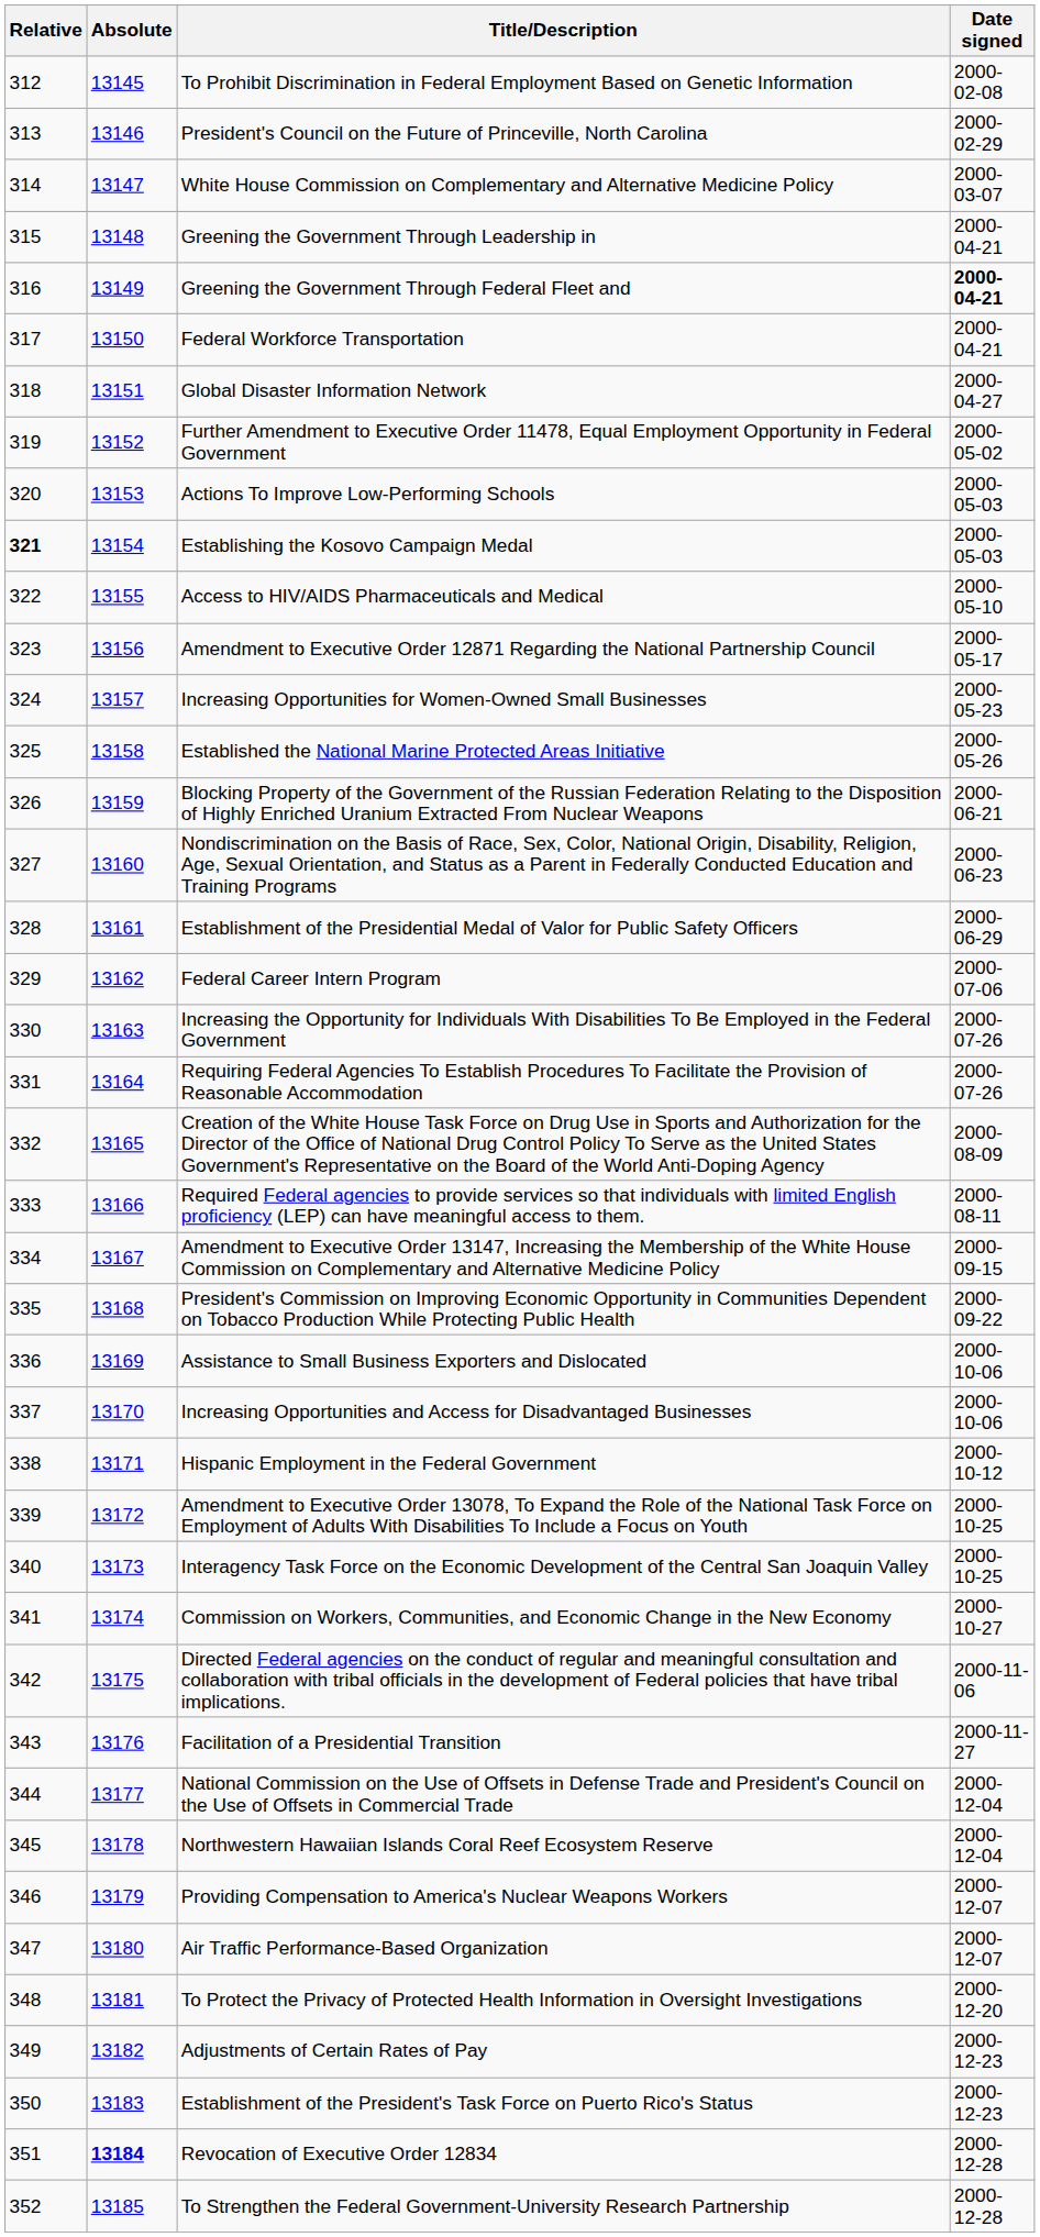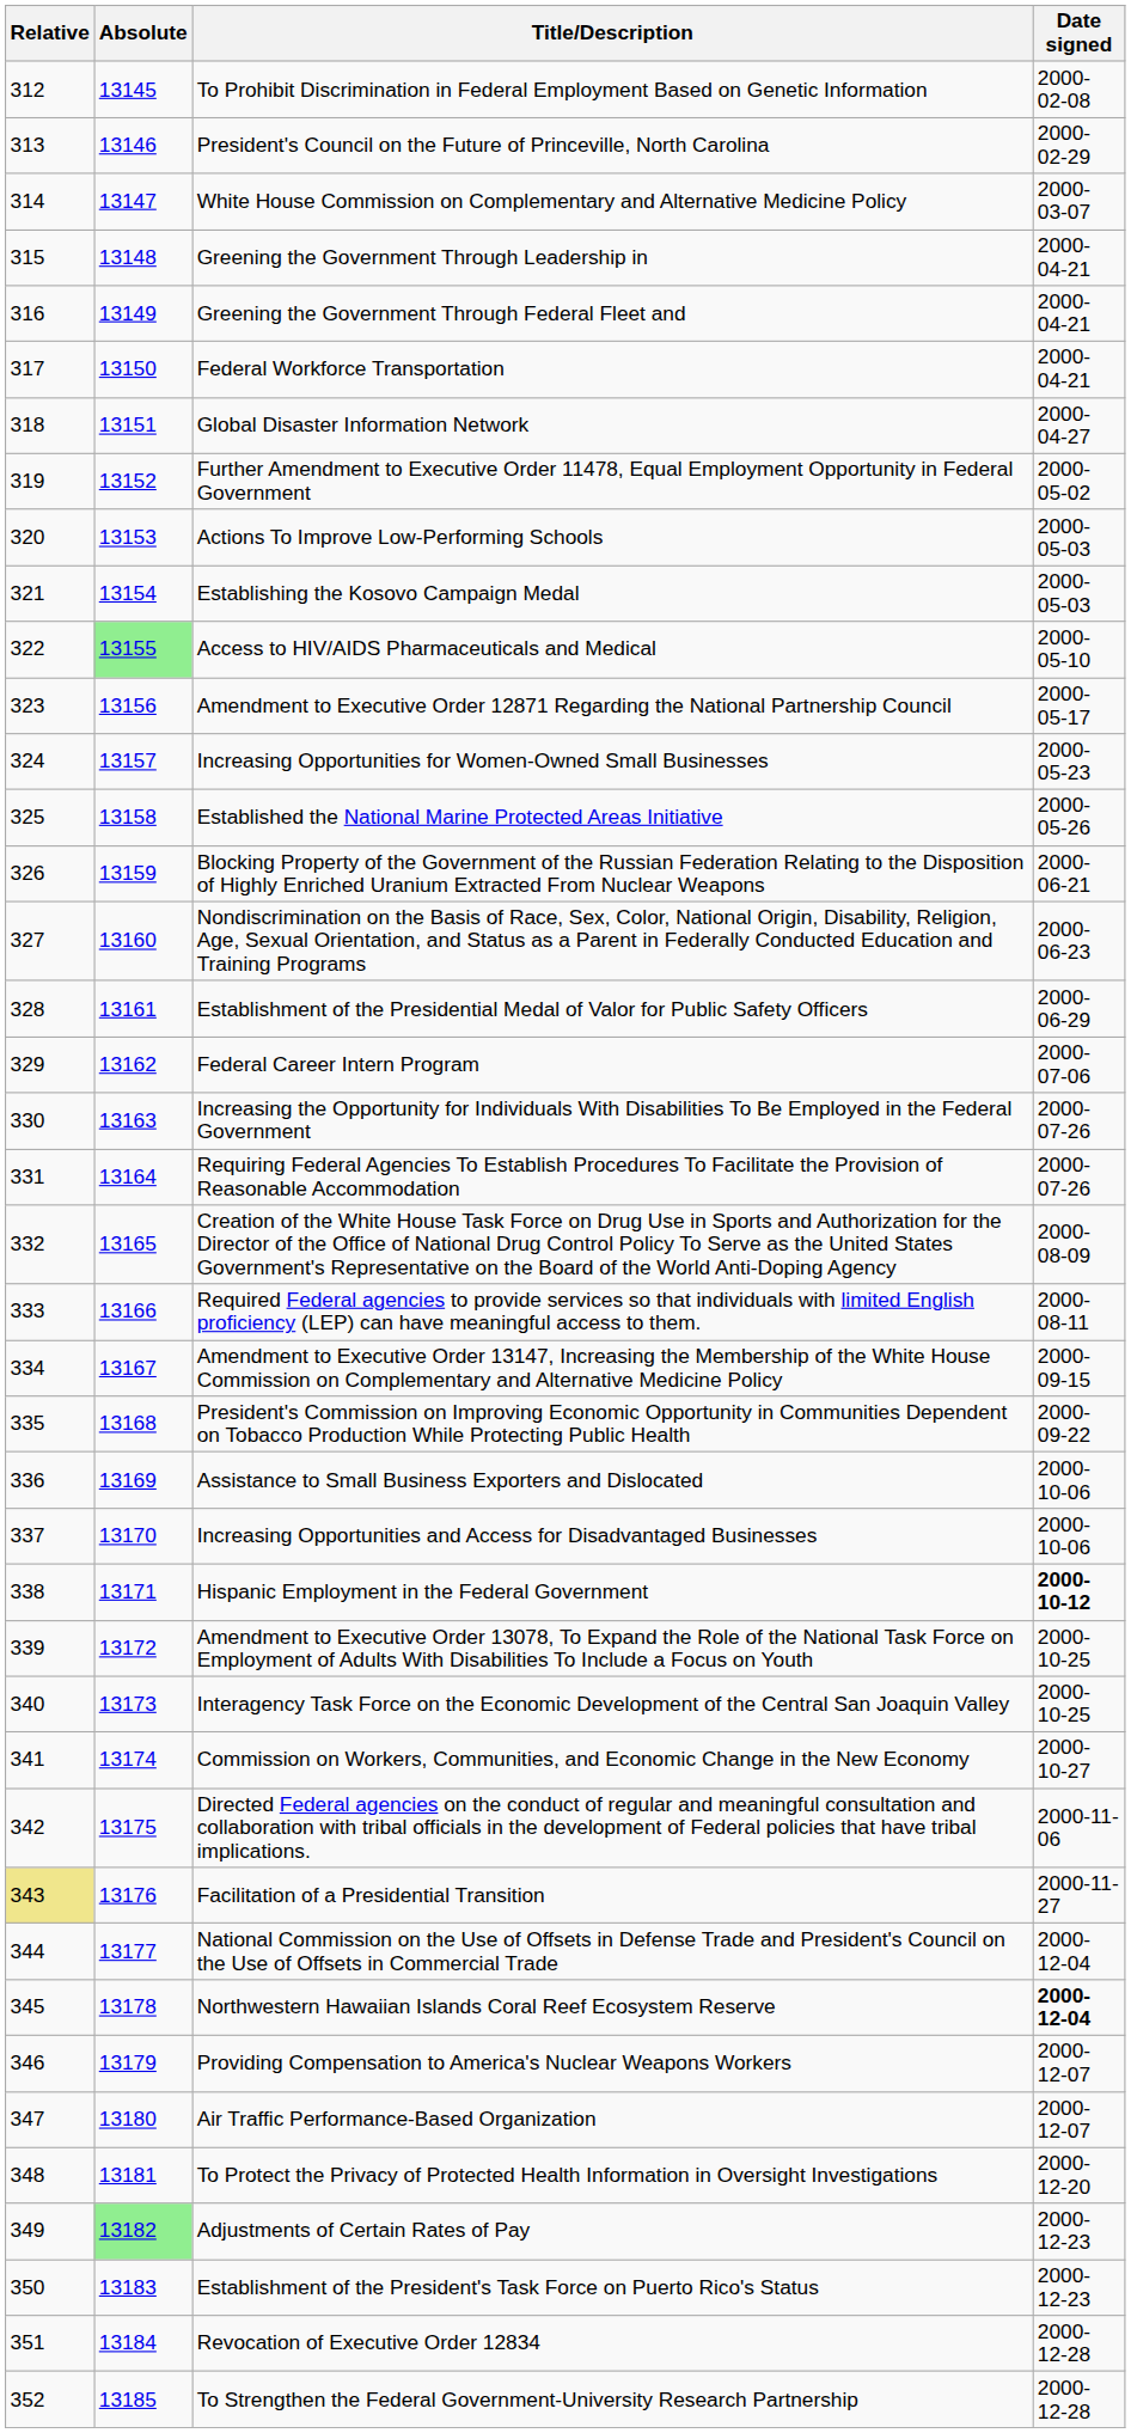 <table class="wikitable">
 <tr>
 <th>Relative </th>
 <th>Absolute </th>
 <th>Title/Description</th>
 <th>Date signed</th>
 </tr>
 <tr>
 <td>312</td>
 <td><a href='#'>13145</a></td>
 <td>To Prohibit Discrimination in Federal Employment Based on Genetic Information</td>
 <td>2000-02-08</td>
 </tr>
 <tr>
 <td>313</td>
 <td><a href='#'>13146</a></td>
 <td>President's Council on the Future of Princeville, North Carolina</td>
 <td>2000-02-29</td>
 </tr>
 <tr>
 <td>314</td>
 <td><a href='#'>13147</a></td>
 <td>White House Commission on Complementary and Alternative Medicine Policy</td>
 <td>2000-03-07</td>
 </tr>
 <tr>
 <td>315</td>
 <td><a href='#'>13148</a></td>
 <td>Greening the Government Through Leadership in</td>
 <td>2000-04-21</td>
 </tr>
 <tr>
 <td>316</td>
 <td><a href='#'>13149</a></td>
 <td>Greening the Government Through Federal Fleet and</td>
-<td><strong>2000-04-21</strong></td>
+<td>2000-04-21</td>
 </tr>
 <tr>
 <td>317</td>
 <td><a href='#'>13150</a></td>
 <td>Federal Workforce Transportation</td>
 <td>2000-04-21</td>
 </tr>
 <tr>
 <td>318</td>
 <td><a href='#'>13151</a></td>
 <td>Global Disaster Information Network</td>
 <td>2000-04-27</td>
 </tr>
 <tr>
 <td>319</td>
 <td><a href='#'>13152</a></td>
 <td>Further Amendment to Executive Order 11478, Equal Employment Opportunity in Federal Government</td>
 <td>2000-05-02</td>
 </tr>
 <tr>
 <td>320</td>
 <td><a href='#'>13153</a></td>
 <td>Actions To Improve Low-Performing Schools</td>
 <td>2000-05-03</td>
 </tr>
 <tr>
-<td><strong>321</strong></td>
+<td>321</td>
 <td><a href='#'>13154</a></td>
 <td>Establishing the Kosovo Campaign Medal</td>
 <td>2000-05-03</td>
 </tr>
 <tr>
 <td>322</td>
-<td><a href='#'>13155</a></td>
+<td style="background: lightgreen;"><a href='#'>13155</a></td>
 <td>Access to HIV/AIDS Pharmaceuticals and Medical</td>
 <td>2000-05-10</td>
 </tr>
 <tr>
 <td>323</td>
 <td><a href='#'>13156</a></td>
 <td>Amendment to Executive Order 12871 Regarding the National Partnership Council</td>
 <td>2000-05-17</td>
 </tr>
 <tr>
 <td>324</td>
 <td><a href='#'>13157</a></td>
 <td>Increasing Opportunities for Women-Owned Small Businesses</td>
 <td>2000-05-23</td>
 </tr>
 <tr>
 <td>325</td>
 <td><a href='#'>13158</a></td>
 <td>Established the <a href='#'>National Marine Protected Areas Initiative</a></td>
 <td>2000-05-26</td>
 </tr>
 <tr>
 <td>326</td>
 <td><a href='#'>13159</a></td>
 <td>Blocking Property of the Government of the Russian Federation Relating to the Disposition of Highly Enriched Uranium Extracted From Nuclear Weapons</td>
 <td>2000-06-21</td>
 </tr>
 <tr>
 <td>327</td>
 <td><a href='#'>13160</a></td>
 <td>Nondiscrimination on the Basis of Race, Sex, Color, National Origin, Disability, Religion, Age, Sexual Orientation, and Status as a Parent in Federally Conducted Education and Training Programs</td>
 <td>2000-06-23</td>
 </tr>
 <tr>
 <td>328</td>
 <td><a href='#'>13161</a></td>
 <td>Establishment of the Presidential Medal of Valor for Public Safety Officers</td>
 <td>2000-06-29</td>
 </tr>
 <tr>
 <td>329</td>
 <td><a href='#'>13162</a></td>
 <td>Federal Career Intern Program</td>
 <td>2000-07-06</td>
 </tr>
 <tr>
 <td>330</td>
 <td><a href='#'>13163</a></td>
 <td>Increasing the Opportunity for Individuals With Disabilities To Be Employed in the Federal Government</td>
 <td>2000-07-26</td>
 </tr>
 <tr>
 <td>331</td>
 <td><a href='#'>13164</a></td>
 <td>Requiring Federal Agencies To Establish Procedures To Facilitate the Provision of Reasonable Accommodation</td>
 <td>2000-07-26</td>
 </tr>
 <tr>
 <td>332</td>
 <td><a href='#'>13165</a></td>
 <td>Creation of the White House Task Force on Drug Use in Sports and Authorization for the Director of the Office of National Drug Control Policy To Serve as the United States Government's Representative on the Board of the World Anti-Doping Agency</td>
 <td>2000-08-09</td>
 </tr>
 <tr>
 <td>333</td>
 <td><a href='#'>13166</a></td>
 <td>Required <a href='#'>Federal agencies</a> to provide services so that individuals with <a href='#'>limited English proficiency</a> (LEP) can have meaningful access to them.</td>
 <td>2000-08-11</td>
 </tr>
 <tr>
 <td>334</td>
 <td><a href='#'>13167</a></td>
 <td>Amendment to Executive Order 13147, Increasing the Membership of the White House Commission on Complementary and Alternative Medicine Policy</td>
 <td>2000-09-15</td>
 </tr>
 <tr>
 <td>335</td>
 <td><a href='#'>13168</a></td>
 <td>President's Commission on Improving Economic Opportunity in Communities Dependent on Tobacco Production While Protecting Public Health</td>
 <td>2000-09-22</td>
 </tr>
 <tr>
 <td>336</td>
 <td><a href='#'>13169</a></td>
 <td>Assistance to Small Business Exporters and Dislocated</td>
 <td>2000-10-06</td>
 </tr>
 <tr>
 <td>337</td>
 <td><a href='#'>13170</a></td>
 <td>Increasing Opportunities and Access for Disadvantaged Businesses</td>
 <td>2000-10-06</td>
 </tr>
 <tr>
 <td>338</td>
 <td><a href='#'>13171</a></td>
 <td>Hispanic Employment in the Federal Government</td>
-<td>2000-10-12</td>
+<td><strong>2000-10-12</strong></td>
 </tr>
 <tr>
 <td>339</td>
 <td><a href='#'>13172</a></td>
 <td>Amendment to Executive Order 13078, To Expand the Role of the National Task Force on Employment of Adults With Disabilities To Include a Focus on Youth</td>
 <td>2000-10-25</td>
 </tr>
 <tr>
 <td>340</td>
 <td><a href='#'>13173</a></td>
 <td>Interagency Task Force on the Economic Development of the Central San Joaquin Valley</td>
 <td>2000-10-25</td>
 </tr>
 <tr>
 <td>341</td>
 <td><a href='#'>13174</a></td>
 <td>Commission on Workers, Communities, and Economic Change in the New Economy</td>
 <td>2000-10-27</td>
 </tr>
 <tr>
 <td>342</td>
 <td><a href='#'>13175</a></td>
 <td>Directed <a href='#'>Federal agencies</a> on the conduct of regular and meaningful consultation and collaboration with tribal officials in the development of Federal policies that have tribal implications.</td>
 <td>2000-11-06</td>
 </tr>
 <tr>
-<td>343</td>
+<td style="background: khaki;">343</td>
 <td><a href='#'>13176</a></td>
 <td>Facilitation of a Presidential Transition</td>
 <td>2000-11-27</td>
 </tr>
 <tr>
 <td>344</td>
 <td><a href='#'>13177</a></td>
 <td>National Commission on the Use of Offsets in Defense Trade and President's Council on the Use of Offsets in Commercial Trade</td>
 <td>2000-12-04</td>
 </tr>
 <tr>
 <td>345</td>
 <td><a href='#'>13178</a></td>
 <td>Northwestern Hawaiian Islands Coral Reef Ecosystem Reserve</td>
-<td>2000-12-04</td>
+<td><strong>2000-12-04</strong></td>
 </tr>
 <tr>
 <td>346</td>
 <td><a href='#'>13179</a></td>
 <td>Providing Compensation to America's Nuclear Weapons Workers</td>
 <td>2000-12-07</td>
 </tr>
 <tr>
 <td>347</td>
 <td><a href='#'>13180</a></td>
 <td>Air Traffic Performance-Based Organization</td>
 <td>2000-12-07</td>
 </tr>
 <tr>
 <td>348</td>
 <td><a href='#'>13181</a></td>
 <td>To Protect the Privacy of Protected Health Information in Oversight Investigations</td>
 <td>2000-12-20</td>
 </tr>
 <tr>
 <td>349</td>
-<td><a href='#'>13182</a></td>
+<td style="background: lightgreen;"><a href='#'>13182</a></td>
 <td>Adjustments of Certain Rates of Pay</td>
 <td>2000-12-23</td>
 </tr>
 <tr>
 <td>350</td>
 <td><a href='#'>13183</a></td>
 <td>Establishment of the President's Task Force on Puerto Rico's Status</td>
 <td>2000-12-23</td>
 </tr>
 <tr>
 <td>351</td>
-<td><strong><a href='#'>13184</a></strong></td>
+<td><a href='#'>13184</a></td>
 <td>Revocation of Executive Order 12834</td>
 <td>2000-12-28</td>
 </tr>
 <tr>
 <td>352</td>
 <td><a href='#'>13185</a></td>
 <td>To Strengthen the Federal Government-University Research Partnership</td>
 <td>2000-12-28</td>
 </tr>
 </table>
